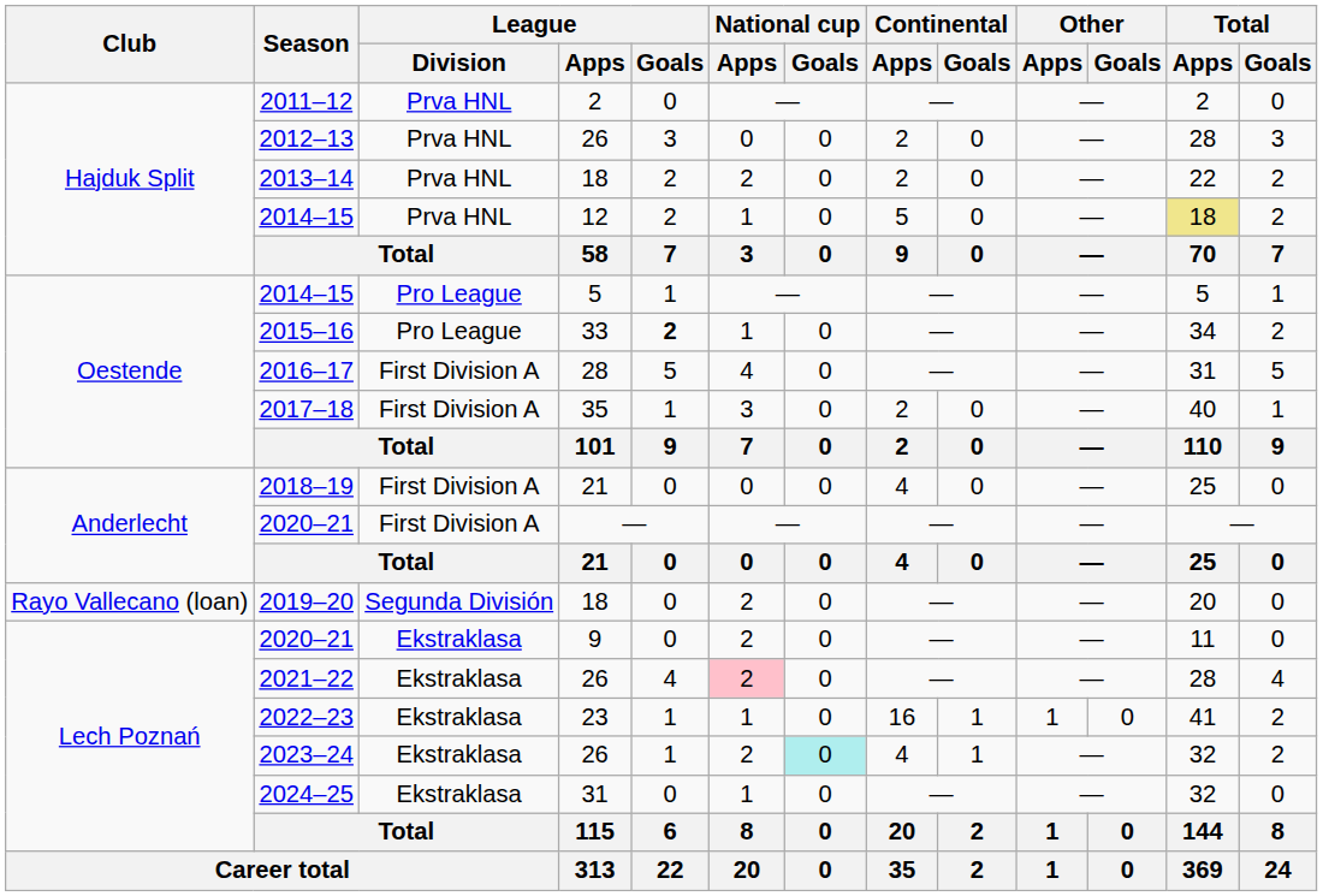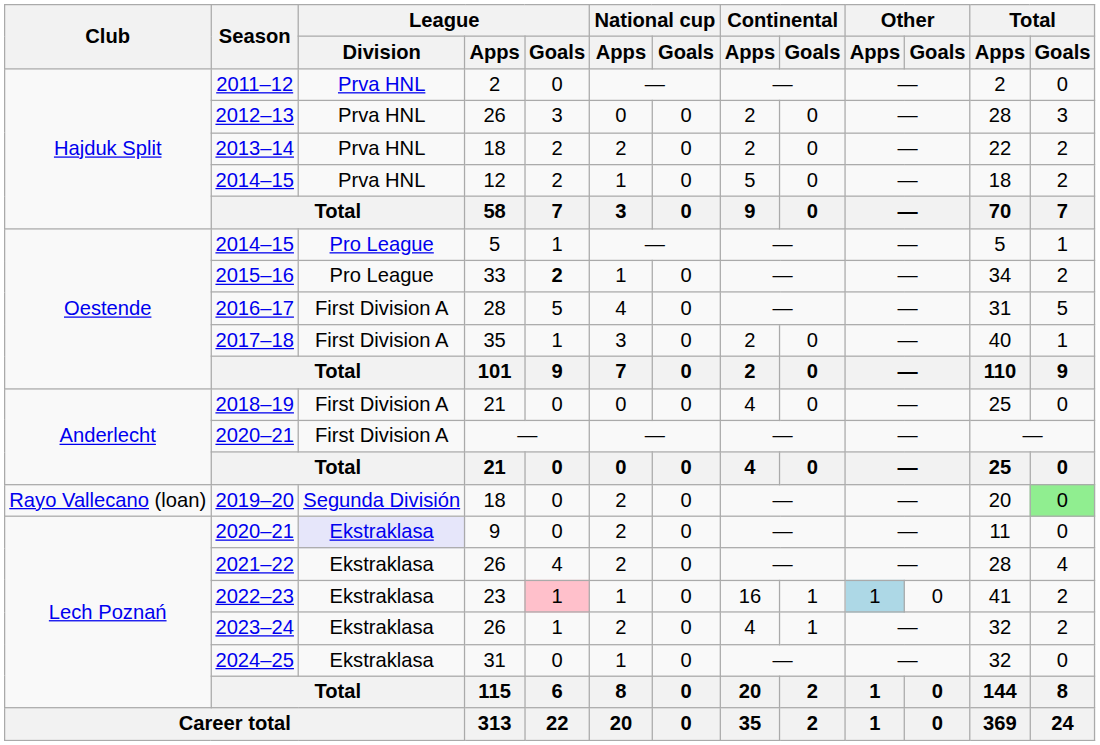 <table class="wikitable" style="text-align: center">
 <tr>
 <th rowspan="2">Club</th>
 <th rowspan="2">Season</th>
 <th colspan="3">League</th>
 <th colspan="2">National cup</th>
 <th colspan="2">Continental</th>
 <th colspan="2">Other</th>
 <th colspan="2">Total</th>
 </tr>
 <tr>
 <th>Division</th>
 <th>Apps</th>
 <th>Goals</th>
 <th>Apps</th>
 <th>Goals</th>
 <th>Apps</th>
 <th>Goals</th>
 <th>Apps</th>
 <th>Goals</th>
 <th>Apps</th>
 <th>Goals</th>
 </tr>
 <tr>
 <td rowspan="5"><a href='#'>Hajduk Split</a></td>
 <td><a href='#'>2011–12</a></td>
 <td><a href='#'>Prva HNL</a></td>
 <td>2</td>
 <td>0</td>
 <td colspan="2">—</td>
 <td colspan="2">—</td>
 <td colspan="2">—</td>
 <td>2</td>
 <td>0</td>
 </tr>
 <tr>
 <td><a href='#'>2012–13</a></td>
 <td>Prva HNL</td>
 <td>26</td>
 <td>3</td>
 <td>0</td>
 <td>0</td>
 <td>2</td>
 <td>0</td>
 <td colspan="2">—</td>
 <td>28</td>
 <td>3</td>
 </tr>
 <tr>
 <td><a href='#'>2013–14</a></td>
 <td>Prva HNL</td>
 <td>18</td>
 <td>2</td>
 <td>2</td>
 <td>0</td>
 <td>2</td>
 <td>0</td>
 <td colspan="2">—</td>
 <td>22</td>
 <td>2</td>
 </tr>
 <tr>
 <td><a href='#'>2014–15</a></td>
 <td>Prva HNL</td>
 <td>12</td>
 <td>2</td>
 <td>1</td>
 <td>0</td>
 <td>5</td>
 <td>0</td>
 <td colspan="2">—</td>
-<td style="background: khaki;">18</td>
+<td>18</td>
 <td>2</td>
 </tr>
 <tr>
 <th colspan="2">Total</th>
 <th>58</th>
 <th>7</th>
 <th>3</th>
 <th>0</th>
 <th>9</th>
 <th>0</th>
 <th colspan="2">—</th>
 <th>70</th>
 <th>7</th>
 </tr>
 <tr>
 <td rowspan="5"><a href='#'>Oestende</a></td>
 <td><a href='#'>2014–15</a></td>
 <td><a href='#'>Pro League</a></td>
 <td>5</td>
 <td>1</td>
 <td colspan="2">—</td>
 <td colspan="2">—</td>
 <td colspan="2">—</td>
 <td>5</td>
 <td>1</td>
 </tr>
 <tr>
 <td><a href='#'>2015–16</a></td>
 <td>Pro League</td>
 <td>33</td>
 <td><strong>2</strong></td>
 <td>1</td>
 <td>0</td>
 <td colspan="2">—</td>
 <td colspan="2">—</td>
 <td>34</td>
 <td>2</td>
 </tr>
 <tr>
 <td><a href='#'>2016–17</a></td>
 <td>First Division A</td>
 <td>28</td>
 <td>5</td>
 <td>4</td>
 <td>0</td>
 <td colspan="2">—</td>
 <td colspan="2">—</td>
 <td>31</td>
 <td>5</td>
 </tr>
 <tr>
 <td><a href='#'>2017–18</a></td>
 <td>First Division A</td>
 <td>35</td>
 <td>1</td>
 <td>3</td>
 <td>0</td>
 <td>2</td>
 <td>0</td>
 <td colspan="2">—</td>
 <td>40</td>
 <td>1</td>
 </tr>
 <tr>
 <th colspan="2">Total</th>
 <th>101</th>
 <th>9</th>
 <th>7</th>
 <th>0</th>
 <th>2</th>
 <th>0</th>
 <th colspan="2">—</th>
 <th>110</th>
 <th>9</th>
 </tr>
 <tr>
 <td rowspan="3"><a href='#'>Anderlecht</a></td>
 <td><a href='#'>2018–19</a></td>
 <td>First Division A</td>
 <td>21</td>
 <td>0</td>
 <td>0</td>
 <td>0</td>
 <td>4</td>
 <td>0</td>
 <td colspan="2">—</td>
 <td>25</td>
 <td>0</td>
 </tr>
 <tr>
 <td><a href='#'>2020–21</a></td>
 <td>First Division A</td>
 <td colspan="2">—</td>
 <td colspan="2">—</td>
 <td colspan="2">—</td>
 <td colspan="2">—</td>
 <td colspan="2">—</td>
 </tr>
 <tr>
 <th colspan="2">Total</th>
 <th>21</th>
 <th>0</th>
 <th>0</th>
 <th>0</th>
 <th>4</th>
 <th>0</th>
 <th colspan="2">—</th>
 <th>25</th>
 <th>0</th>
 </tr>
 <tr>
 <td><a href='#'>Rayo Vallecano</a> (loan)</td>
 <td><a href='#'>2019–20</a></td>
 <td><a href='#'>Segunda División</a></td>
 <td>18</td>
 <td>0</td>
 <td>2</td>
 <td>0</td>
 <td colspan="2">—</td>
 <td colspan="2">—</td>
 <td>20</td>
-<td>0</td>
+<td style="background: lightgreen;">0</td>
 </tr>
 <tr>
 <td rowspan="6"><a href='#'>Lech Poznań</a></td>
 <td><a href='#'>2020–21</a></td>
-<td><a href='#'>Ekstraklasa</a></td>
+<td style="background: lavender;"><a href='#'>Ekstraklasa</a></td>
 <td>9</td>
 <td>0</td>
 <td>2</td>
 <td>0</td>
 <td colspan="2">—</td>
 <td colspan="2">—</td>
 <td>11</td>
 <td>0</td>
 </tr>
 <tr>
 <td><a href='#'>2021–22</a></td>
 <td>Ekstraklasa</td>
 <td>26</td>
 <td>4</td>
-<td style="background: pink;">2</td>
+<td>2</td>
 <td>0</td>
 <td colspan="2">—</td>
 <td colspan="2">—</td>
 <td>28</td>
 <td>4</td>
 </tr>
 <tr>
 <td><a href='#'>2022–23</a></td>
 <td>Ekstraklasa</td>
 <td>23</td>
-<td>1</td>
+<td style="background: pink;">1</td>
 <td>1</td>
 <td>0</td>
 <td>16</td>
 <td>1</td>
-<td>1</td>
+<td style="background: lightblue;">1</td>
 <td>0</td>
 <td>41</td>
 <td>2</td>
 </tr>
 <tr>
 <td><a href='#'>2023–24</a></td>
 <td>Ekstraklasa</td>
 <td>26</td>
 <td>1</td>
 <td>2</td>
-<td style="background: paleturquoise;">0</td>
+<td>0</td>
 <td>4</td>
 <td>1</td>
 <td colspan="2">—</td>
 <td>32</td>
 <td>2</td>
 </tr>
 <tr>
 <td><a href='#'>2024–25</a></td>
 <td>Ekstraklasa</td>
 <td>31</td>
 <td>0</td>
 <td>1</td>
 <td>0</td>
 <td colspan="2">—</td>
 <td colspan="2">—</td>
 <td>32</td>
 <td>0</td>
 </tr>
 <tr>
 <th colspan="2">Total</th>
 <th>115</th>
 <th>6</th>
 <th>8</th>
 <th>0</th>
 <th>20</th>
 <th>2</th>
 <th>1</th>
 <th>0</th>
 <th>144</th>
 <th>8</th>
 </tr>
 <tr>
 <th colspan="3">Career total</th>
 <th>313</th>
 <th>22</th>
 <th>20</th>
 <th>0</th>
 <th>35</th>
 <th>2</th>
 <th>1</th>
 <th>0</th>
 <th>369</th>
 <th>24</th>
 </tr>
 </table>
